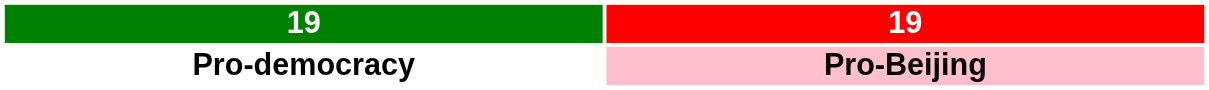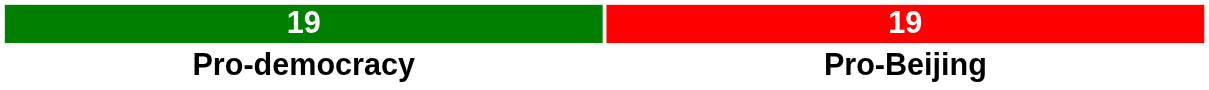 <table style="width:50%; text-align:center;">
 <tr style="color:white;">
 <td style="background:green; width:50%;"><strong>19</strong></td>
 <td style="background:red; width:50%;"><strong>19</strong></td>
 </tr>
 <tr>
 <td><span><strong>Pro-democracy</strong></span></td>
-<td style="background: pink;"><span><strong>Pro-Beijing</strong></span></td>
+<td><span><strong>Pro-Beijing</strong></span></td>
 </tr>
 </table>
